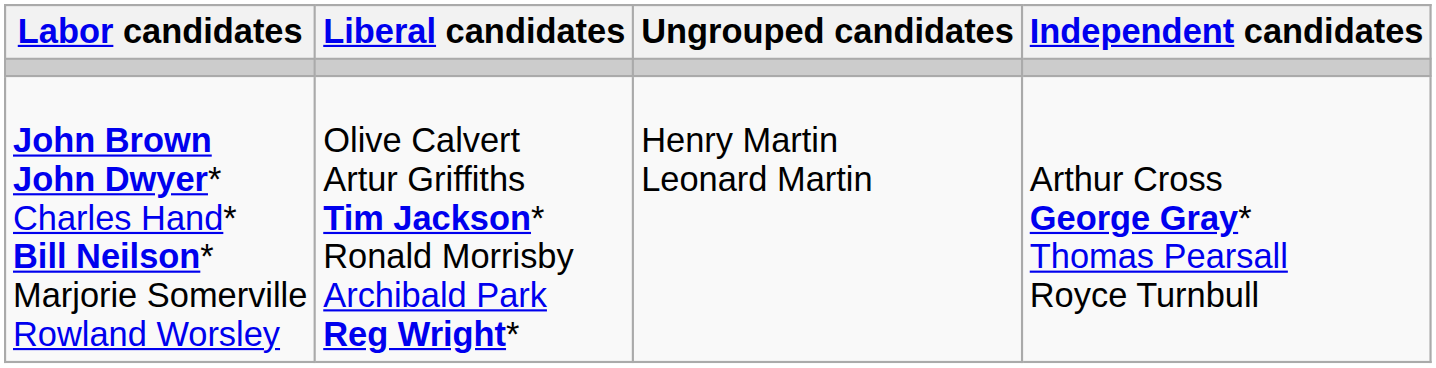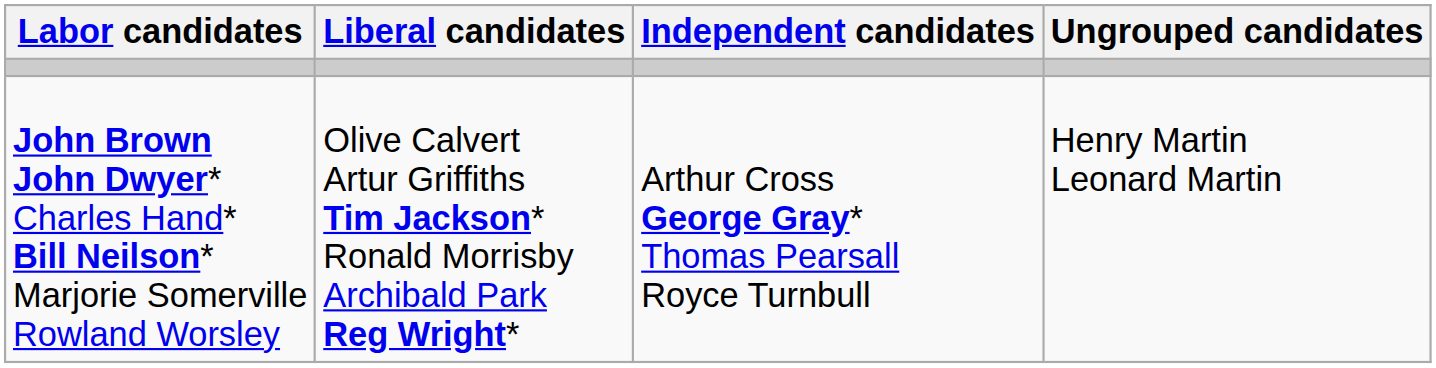 <table class="wikitable">
 <tr>
 <th><a href='#'>Labor</a> candidates</th>
 <th><a href='#'>Liberal</a> candidates</th>
+<th><a href='#'>Independent</a> candidates</th>
 <th>Ungrouped candidates</th>
-<th><a href='#'>Independent</a> candidates</th>
 </tr>
 <tr bgcolor="#cccccc">
 <td></td>
 <td></td>
 <td></td>
 <td></td>
 </tr>
 <tr>
 <td><br><strong><a href='#'>John Brown</a></strong><br> <strong><a href='#'>John Dwyer</a></strong>*<br> <a href='#'>Charles Hand</a>*<br> <strong><a href='#'>Bill Neilson</a></strong>*<br> Marjorie Somerville<br> <a href='#'>Rowland Worsley</a></td>
 <td><br>Olive Calvert<br> Artur Griffiths<br> <strong><a href='#'>Tim Jackson</a></strong>*<br> Ronald Morrisby<br> <a href='#'>Archibald Park</a><br> <strong><a href='#'>Reg Wright</a></strong>*</td>
+<td><br>Arthur Cross<br> <strong><a href='#'>George Gray</a></strong>*<br> <a href='#'>Thomas Pearsall</a><br> Royce Turnbull</td>
 <td valign=top><br>Henry Martin<br> Leonard Martin</td>
-<td><br>Arthur Cross<br> <strong><a href='#'>George Gray</a></strong>*<br> <a href='#'>Thomas Pearsall</a><br> Royce Turnbull</td>
 </tr>
 </table>
